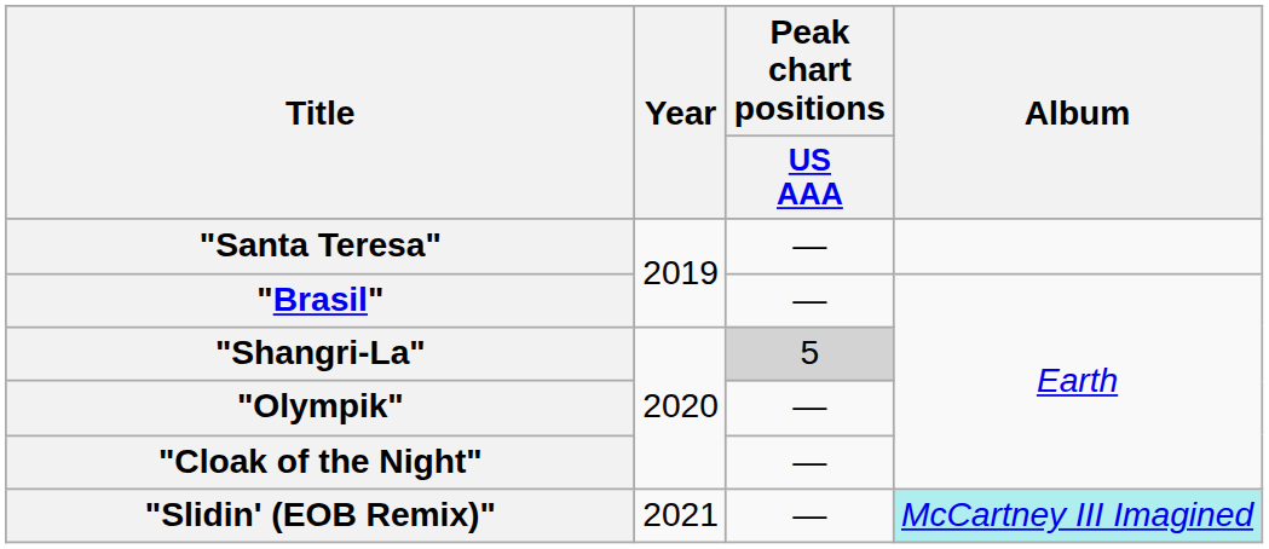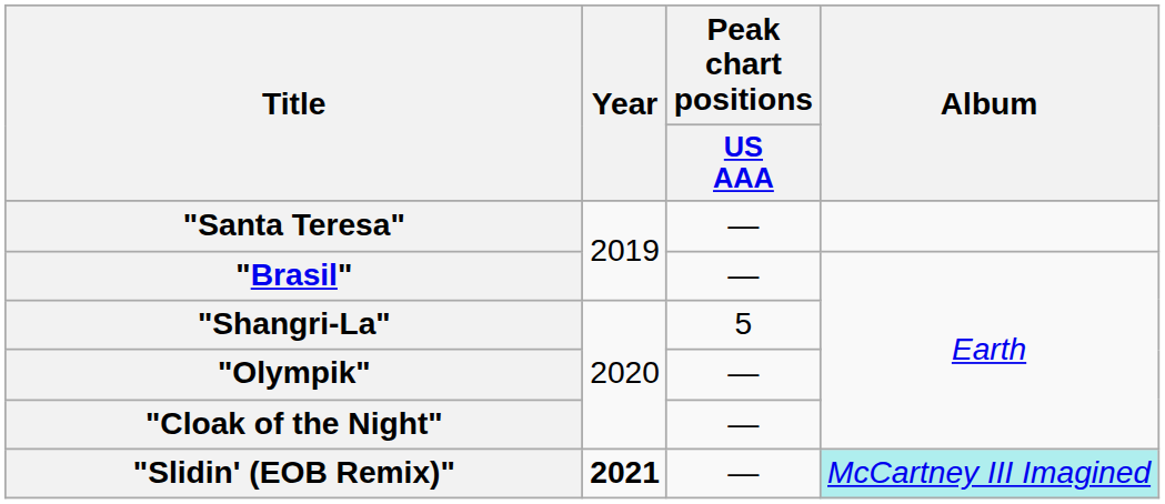 <table class="wikitable plainrowheaders" style="text-align:center;" border="1">
 <tr>
 <th rowspan="2" scope="col" style="width:18em;">Title</th>
 <th rowspan="2" scope="col">Year</th>
 <th>Peak chart positions</th>
 <th rowspan="2" scope="col">Album</th>
 </tr>
 <tr>
 <th scope="col" style="width:3em;font-size:90%;"><a href='#'>US<br>AAA</a><br></th>
 </tr>
 <tr>
 <th scope="row">"Santa Teresa"</th>
 <td rowspan="2">2019</td>
 <td>—</td>
 <td></td>
 </tr>
 <tr>
 <th scope="row">"<a href='#'>Brasil</a>"</th>
 <td>—</td>
 <td rowspan="4"><em><a href='#'>Earth</a></em></td>
 </tr>
 <tr>
 <th scope="row">"Shangri-La"</th>
 <td rowspan="3">2020</td>
-<td style="background: lightgrey;">5</td>
+<td>5</td>
 </tr>
 <tr>
 <th scope="row">"Olympik"</th>
 <td>—</td>
 </tr>
 <tr>
 <th scope="row">"Cloak of the Night"</th>
 <td>—</td>
 </tr>
 <tr>
 <th scope="row">"Slidin' (EOB Remix)"</th>
-<td rowspan="1">2021</td>
+<td rowspan="1"><strong>2021</strong></td>
 <td>—</td>
 <td style="background: paleturquoise;"><em><a href='#'>McCartney III Imagined</a></em></td>
 </tr>
 </table>
